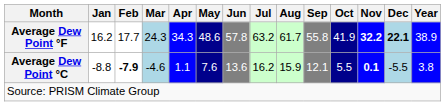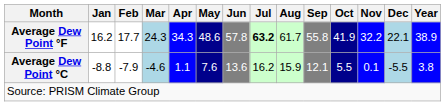 <table class="wikitable" style="margin-left: auto; margin-right: auto;">
 <tr>
 <th scope="col">Month</th>
 <th scope="col">Jan</th>
 <th scope="col">Feb</th>
 <th scope="col">Mar</th>
 <th scope="col">Apr</th>
 <th scope="col">May</th>
 <th scope="col">Jun</th>
 <th scope="col">Jul</th>
 <th scope="col">Aug</th>
 <th scope="col">Sep</th>
 <th scope="col">Oct</th>
 <th scope="col">Nov</th>
 <th scope="col">Dec</th>
 <th scope="col">Year</th>
 </tr>
 <tr>
 <th scope="row">Average <a href='#'>Dew Point</a> °F</th>
 <td style="background:#ffffff;color:#000000;text-align:center;">16.2</td>
 <td style="background:#ffffff;color:#000000;text-align:center;">17.7</td>
 <td style="background:#add8e6;color:#000000;text-align:center;">24.3</td>
 <td style="background:#0000ff;color:#ffffff;text-align:center;">34.3</td>
 <td style="background:#00008b;color:#ffffff;text-align:center;">48.6</td>
 <td style="background:#808080;color:#ffffff;text-align:center;">57.8</td>
-<td style="background:#ccffcc;color:#000000;text-align:center;">63.2</td>
+<td style="background:#ccffcc;color:#000000;text-align:center;"><strong>63.2</strong></td>
 <td style="background:#ccffcc;color:#000000;text-align:center;">61.7</td>
 <td style="background:#808080;color:#ffffff;text-align:center;">55.8</td>
 <td style="background:#00008b;color:#ffffff;text-align:center;">41.9</td>
-<td style="background:#0000ff;color:#ffffff;text-align:center;"><strong>32.2</strong></td>
-<td style="background:#add8e6;color:#000000;text-align:center;"><strong>22.1</strong></td>
+<td style="background:#0000ff;color:#ffffff;text-align:center;">32.2</td>
+<td style="background:#add8e6;color:#000000;text-align:center;">22.1</td>
 <td style="background:#0000ff;color:#ffffff;text-align:center;">38.9</td>
 </tr>
 <tr>
 <th scope="row">Average <a href='#'>Dew Point</a> °C</th>
 <td style="background:#ffffff;color:#000000;text-align:center;">-8.8</td>
-<td style="background:#ffffff;color:#000000;text-align:center;"><strong>-7.9</strong></td>
+<td style="background:#ffffff;color:#000000;text-align:center;">-7.9</td>
 <td style="background:#add8e6;color:#000000;text-align:center;">-4.6</td>
 <td style="background:#0000ff;color:#ffffff;text-align:center;">1.1</td>
 <td style="background:#00008b;color:#ffffff;text-align:center;">7.6</td>
 <td style="background:#808080;color:#ffffff;text-align:center;">13.6</td>
 <td style="background:#ccffcc;color:#000000;text-align:center;">16.2</td>
 <td style="background:#ccffcc;color:#000000;text-align:center;">15.9</td>
 <td style="background:#808080;color:#ffffff;text-align:center;">12.1</td>
 <td style="background:#00008b;color:#ffffff;text-align:center;">5.5</td>
-<td style="background:#0000ff;color:#ffffff;text-align:center;"><strong>0.1</strong></td>
+<td style="background:#0000ff;color:#ffffff;text-align:center;">0.1</td>
 <td style="background:#add8e6;color:#000000;text-align:center;">-5.5</td>
 <td style="background:#0000ff;color:#ffffff;text-align:center;">3.8</td>
 </tr>
 <tr>
 <td colspan="14"><div>Source: PRISM Climate Group</div></td>
 </tr>
 </table>
